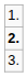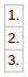 <table class="wikitable">
 <tr>
 <td>1. </td>
 </tr>
 <tr>
-<td><strong>2. </strong></td>
+<td>2. </td>
 </tr>
 <tr>
 <td>3. </td>
 </tr>
 </table>
